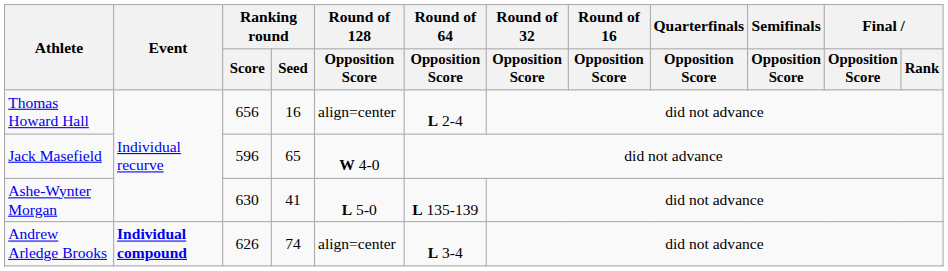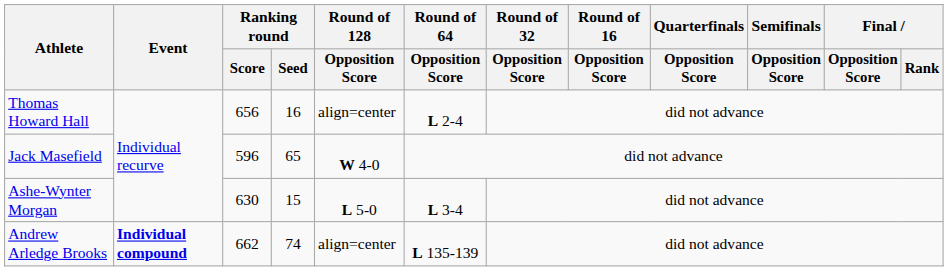 <table class="wikitable" style="font-size:90%">
 <tr>
 <th rowspan="2">Athlete</th>
 <th rowspan="2">Event</th>
 <th colspan="2">Ranking round</th>
 <th>Round of 128</th>
 <th>Round of 64</th>
 <th>Round of 32</th>
 <th>Round of 16</th>
 <th>Quarterfinals</th>
 <th>Semifinals</th>
 <th colspan="2">Final / </th>
 </tr>
 <tr style="font-size:95%">
 <th>Score</th>
 <th>Seed</th>
 <th>Opposition<br>Score</th>
 <th>Opposition<br>Score</th>
 <th>Opposition<br>Score</th>
 <th>Opposition<br>Score</th>
 <th>Opposition<br>Score</th>
 <th>Opposition<br>Score</th>
 <th>Opposition<br>Score</th>
 <th>Rank</th>
 </tr>
 <tr>
 <td align=left><a href='#'>Thomas Howard Hall</a></td>
 <td align=left rowspan=3><a href='#'>Individual recurve</a></td>
 <td align=center>656</td>
 <td align=center>16</td>
 <td>align=center </td>
 <td align=center><br><strong>L</strong> 2-4</td>
 <td align=center colspan=6>did not advance</td>
 </tr>
 <tr>
 <td align=left><a href='#'>Jack Masefield</a></td>
 <td align=center>596</td>
 <td align=center>65</td>
 <td align=center><br><strong>W</strong> 4-0</td>
 <td align=center colspan=7>did not advance</td>
 </tr>
 <tr>
 <td align=left><a href='#'>Ashe-Wynter Morgan</a></td>
 <td align=center>630</td>
-<td align=center>41</td>
+<td align=center>15</td>
 <td align=center><br><strong>L</strong> 5-0</td>
-<td align=center><br><strong>L</strong> 135-139</td>
+<td align=center><br><strong>L</strong> 3-4</td>
 <td align=center colspan=6>did not advance</td>
 </tr>
 <tr>
 <td align=left><a href='#'>Andrew Arledge Brooks</a></td>
 <td align=left><strong><a href='#'>Individual compound</a></strong></td>
-<td align=center>626</td>
+<td align=center>662</td>
 <td align=center>74</td>
 <td>align=center </td>
-<td align=center><br><strong>L</strong> 3-4</td>
+<td align=center><br><strong>L</strong> 135-139</td>
 <td align=center colspan=6>did not advance</td>
 </tr>
 </table>
